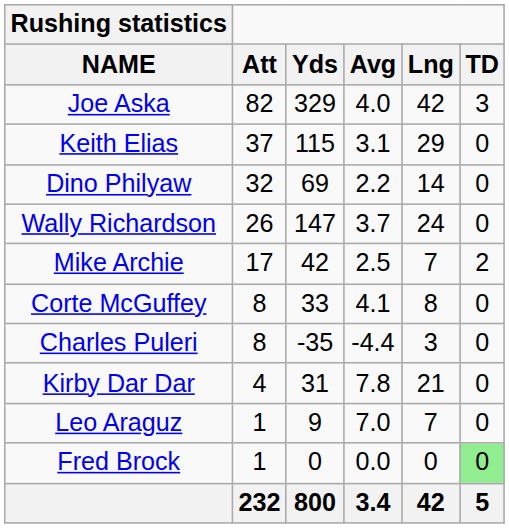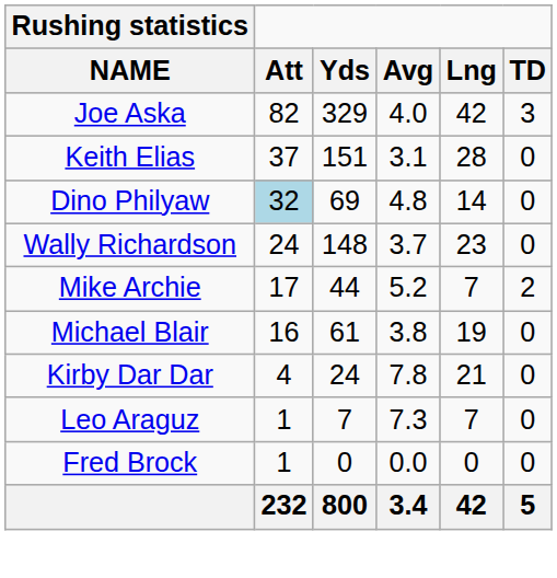 <table class="wikitable sortable" style="text-align:center;">
 <tr>
 <th style="text-align:center;">Rushing statistics</th>
 </tr>
 <tr>
 <th>NAME</th>
 <th>Att</th>
 <th>Yds</th>
 <th>Avg</th>
 <th>Lng</th>
 <th>TD</th>
 </tr>
 <tr>
 <td><a href='#'>Joe Aska</a></td>
 <td>82</td>
 <td>329</td>
 <td>4.0</td>
 <td>42</td>
 <td>3</td>
 </tr>
 <tr>
 <td><a href='#'>Keith Elias</a></td>
 <td>37</td>
-<td>115</td>
+<td>151</td>
 <td>3.1</td>
-<td>29</td>
+<td>28</td>
 <td>0</td>
 </tr>
 <tr>
 <td><a href='#'>Dino Philyaw</a></td>
-<td>32</td>
+<td style="background: lightblue;">32</td>
 <td>69</td>
-<td>2.2</td>
+<td>4.8</td>
 <td>14</td>
 <td>0</td>
 </tr>
 <tr>
 <td><a href='#'>Wally Richardson</a></td>
-<td>26</td>
-<td>147</td>
+<td>24</td>
+<td>148</td>
 <td>3.7</td>
-<td>24</td>
+<td>23</td>
 <td>0</td>
 </tr>
 <tr>
 <td><a href='#'>Mike Archie</a></td>
 <td>17</td>
-<td>42</td>
-<td>2.5</td>
+<td>44</td>
+<td>5.2</td>
 <td>7</td>
 <td>2</td>
 </tr>
 <tr>
-<td><a href='#'>Corte McGuffey</a></td>
-<td>8</td>
-<td>33</td>
-<td>4.1</td>
-<td>8</td>
-<td>0</td>
-</tr>
-<tr>
-<td><a href='#'>Charles Puleri</a></td>
-<td>8</td>
-<td>-35</td>
-<td>-4.4</td>
-<td>3</td>
+<td><a href='#'>Michael Blair</a></td>
+<td>16</td>
+<td>61</td>
+<td>3.8</td>
+<td>19</td>
 <td>0</td>
 </tr>
 <tr>
 <td><a href='#'>Kirby Dar Dar</a></td>
 <td>4</td>
-<td>31</td>
+<td>24</td>
 <td>7.8</td>
 <td>21</td>
 <td>0</td>
 </tr>
 <tr>
 <td><a href='#'>Leo Araguz</a></td>
 <td>1</td>
-<td>9</td>
-<td>7.0</td>
+<td>7</td>
+<td>7.3</td>
 <td>7</td>
 <td>0</td>
 </tr>
 <tr>
 <td><a href='#'>Fred Brock</a></td>
 <td>1</td>
 <td>0</td>
 <td>0.0</td>
 <td>0</td>
-<td style="background: lightgreen;">0</td>
+<td>0</td>
 </tr>
 <tr>
 <th colspan="1"></th>
 <th>232</th>
 <th>800</th>
 <th>3.4</th>
 <th>42</th>
 <th>5</th>
 </tr>
 </table>
